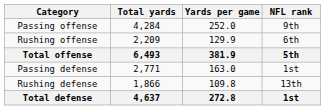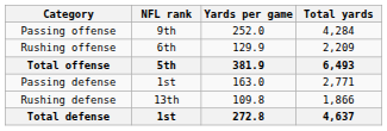 <table class="wikitable" style="text-align:center">
 <tr>
 <th width="150">Category</th>
+<th width="80">NFL rank<br></th>
+<th width="110">Yards per game</th>
 <th width="100">Total yards</th>
-<th width="110">Yards per game</th>
-<th width="80">NFL rank<br></th>
 </tr>
 <tr>
 <td>Passing offense</td>
+<td>9th</td>
+<td>252.0</td>
 <td>4,284</td>
-<td>252.0</td>
-<td>9th</td>
 </tr>
 <tr>
 <td>Rushing offense</td>
+<td>6th</td>
+<td>129.9</td>
 <td>2,209</td>
-<td>129.9</td>
-<td>6th</td>
 </tr>
 <tr>
 <th>Total offense</th>
+<th>5th</th>
+<th>381.9</th>
 <th>6,493</th>
-<th>381.9</th>
-<th>5th</th>
 </tr>
 <tr>
 <td>Passing defense</td>
+<td>1st</td>
+<td>163.0</td>
 <td>2,771</td>
-<td>163.0</td>
-<td>1st</td>
 </tr>
 <tr>
 <td>Rushing defense</td>
+<td>13th</td>
+<td>109.8</td>
 <td>1,866</td>
-<td>109.8</td>
-<td>13th</td>
 </tr>
 <tr>
 <th>Total defense</th>
+<th>1st</th>
+<th>272.8</th>
 <th>4,637</th>
-<th>272.8</th>
-<th>1st</th>
 </tr>
 </table>
